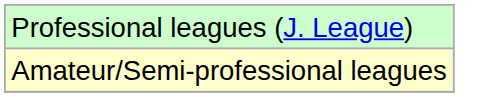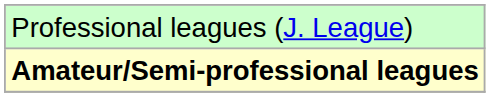 <table class="wikitable" style="font-size:95%">
 <tr bgcolor=#ccffcc>
 <td>Professional leagues (<a href='#'>J. League</a>)</td>
 </tr>
 <tr bgcolor=#ffffcc>
-<td>Amateur/Semi-professional leagues</td>
+<td><strong>Amateur/Semi-professional leagues</strong></td>
 </tr>
 <tr>
 </tr>
 </table>
